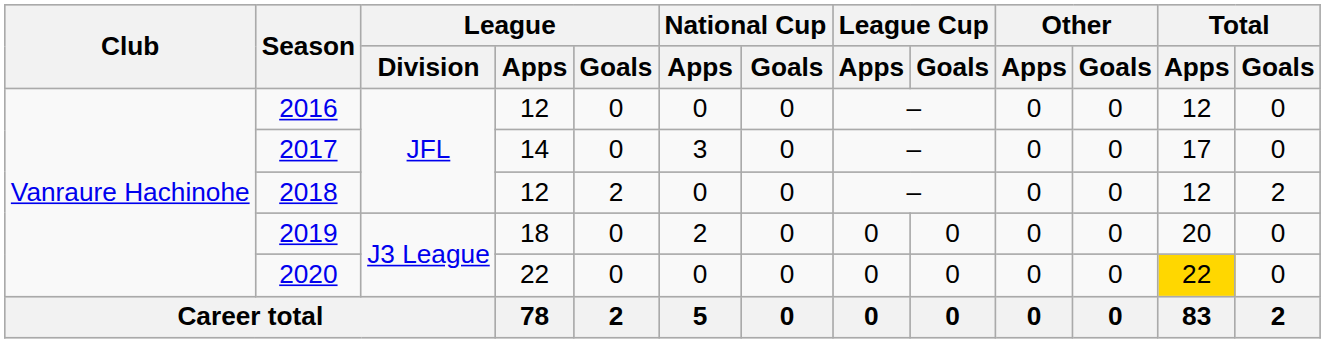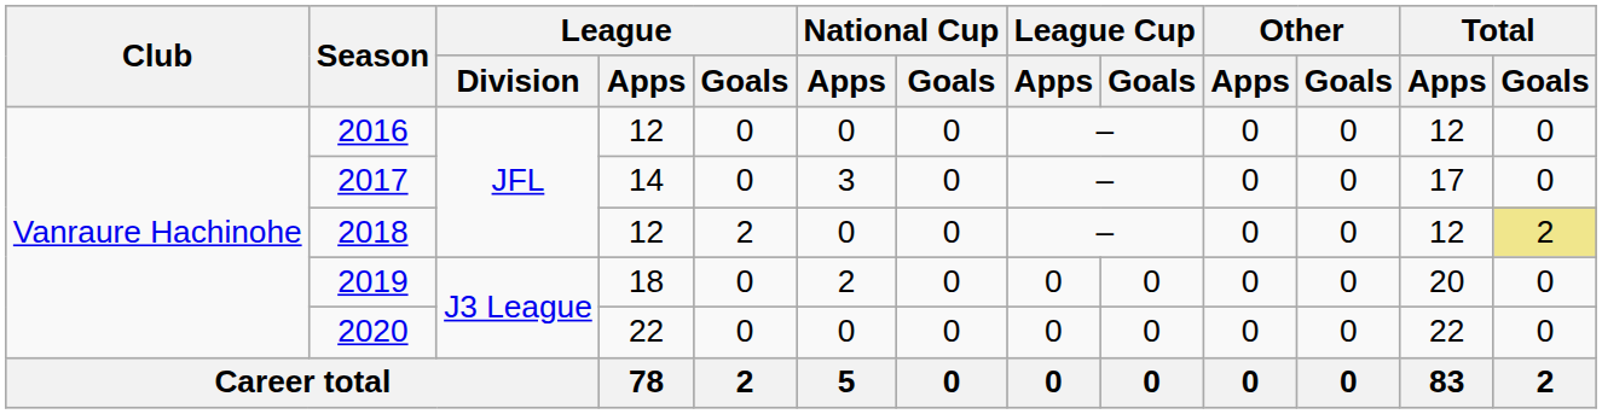 <table class="wikitable" style="text-align: center">
 <tr>
 <th rowspan="2">Club</th>
 <th rowspan="2">Season</th>
 <th colspan="3">League</th>
 <th colspan="2">National Cup</th>
 <th colspan="2">League Cup</th>
 <th colspan="2">Other</th>
 <th colspan="2">Total</th>
 </tr>
 <tr>
 <th>Division</th>
 <th>Apps</th>
 <th>Goals</th>
 <th>Apps</th>
 <th>Goals</th>
 <th>Apps</th>
 <th>Goals</th>
 <th>Apps</th>
 <th>Goals</th>
 <th>Apps</th>
 <th>Goals</th>
 </tr>
 <tr>
 <td rowspan="5"><a href='#'>Vanraure Hachinohe</a></td>
 <td><a href='#'>2016</a></td>
 <td rowspan="3"><a href='#'>JFL</a></td>
 <td>12</td>
 <td>0</td>
 <td>0</td>
 <td>0</td>
 <td colspan="2">–</td>
 <td>0</td>
 <td>0</td>
 <td>12</td>
 <td>0</td>
 </tr>
 <tr>
 <td><a href='#'>2017</a></td>
 <td>14</td>
 <td>0</td>
 <td>3</td>
 <td>0</td>
 <td colspan="2">–</td>
 <td>0</td>
 <td>0</td>
 <td>17</td>
 <td>0</td>
 </tr>
 <tr>
 <td><a href='#'>2018</a></td>
 <td>12</td>
 <td>2</td>
 <td>0</td>
 <td>0</td>
 <td colspan="2">–</td>
 <td>0</td>
 <td>0</td>
 <td>12</td>
-<td>2</td>
+<td style="background: khaki;">2</td>
 </tr>
 <tr>
 <td><a href='#'>2019</a></td>
 <td rowspan="2"><a href='#'>J3 League</a></td>
 <td>18</td>
 <td>0</td>
 <td>2</td>
 <td>0</td>
 <td>0</td>
 <td>0</td>
 <td>0</td>
 <td>0</td>
 <td>20</td>
 <td>0</td>
 </tr>
 <tr>
 <td><a href='#'>2020</a></td>
 <td>22</td>
 <td>0</td>
 <td>0</td>
 <td>0</td>
 <td>0</td>
 <td>0</td>
 <td>0</td>
 <td>0</td>
-<td style="background: gold;">22</td>
+<td>22</td>
 <td>0</td>
 </tr>
 <tr>
 <th colspan=3>Career total</th>
 <th>78</th>
 <th>2</th>
 <th>5</th>
 <th>0</th>
 <th>0</th>
 <th>0</th>
 <th>0</th>
 <th>0</th>
 <th>83</th>
 <th>2</th>
 </tr>
 </table>
